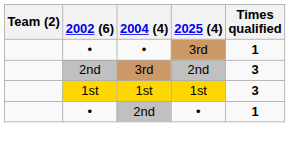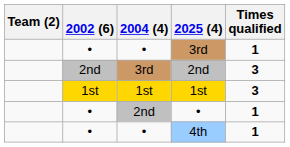 <table class="wikitable sortable" style="text-align: center">
 <tr>
 <th>Team (2)</th>
 <th class="unsortable"><br><a href='#'>2002</a> (6)</th>
 <th class="unsortable"><br><a href='#'>2004</a> (4)</th>
 <th class="unsortable"><br><a href='#'>2025</a> (4)</th>
 <th>Times<br>qualified</th>
 </tr>
 <tr>
 <td align="left"></td>
 <td>•</td>
 <td>•</td>
 <td style="background:#cc9966">3rd</td>
 <td><strong>1</strong></td>
 </tr>
 <tr>
 <td align="left"></td>
 <td style="background:silver">2nd</td>
 <td style="background:#cc9966">3rd</td>
 <td style="background:silver">2nd</td>
 <td><strong>3</strong></td>
 </tr>
 <tr>
 <td align="left"></td>
 <td style="background:gold">1st</td>
 <td style="background:gold">1st</td>
 <td style="background:gold">1st</td>
 <td><strong>3</strong></td>
 </tr>
 <tr>
 <td align="left"></td>
 <td>•</td>
 <td style="background:silver">2nd</td>
 <td>•</td>
 <td><strong>1</strong></td>
 </tr>
+<tr>
+<td align="left"></td>
+<td>•</td>
+<td>•</td>
+<td style="background:#9acdff">4th</td>
+<td><strong>1</strong></td>
+</tr>
 </table>
